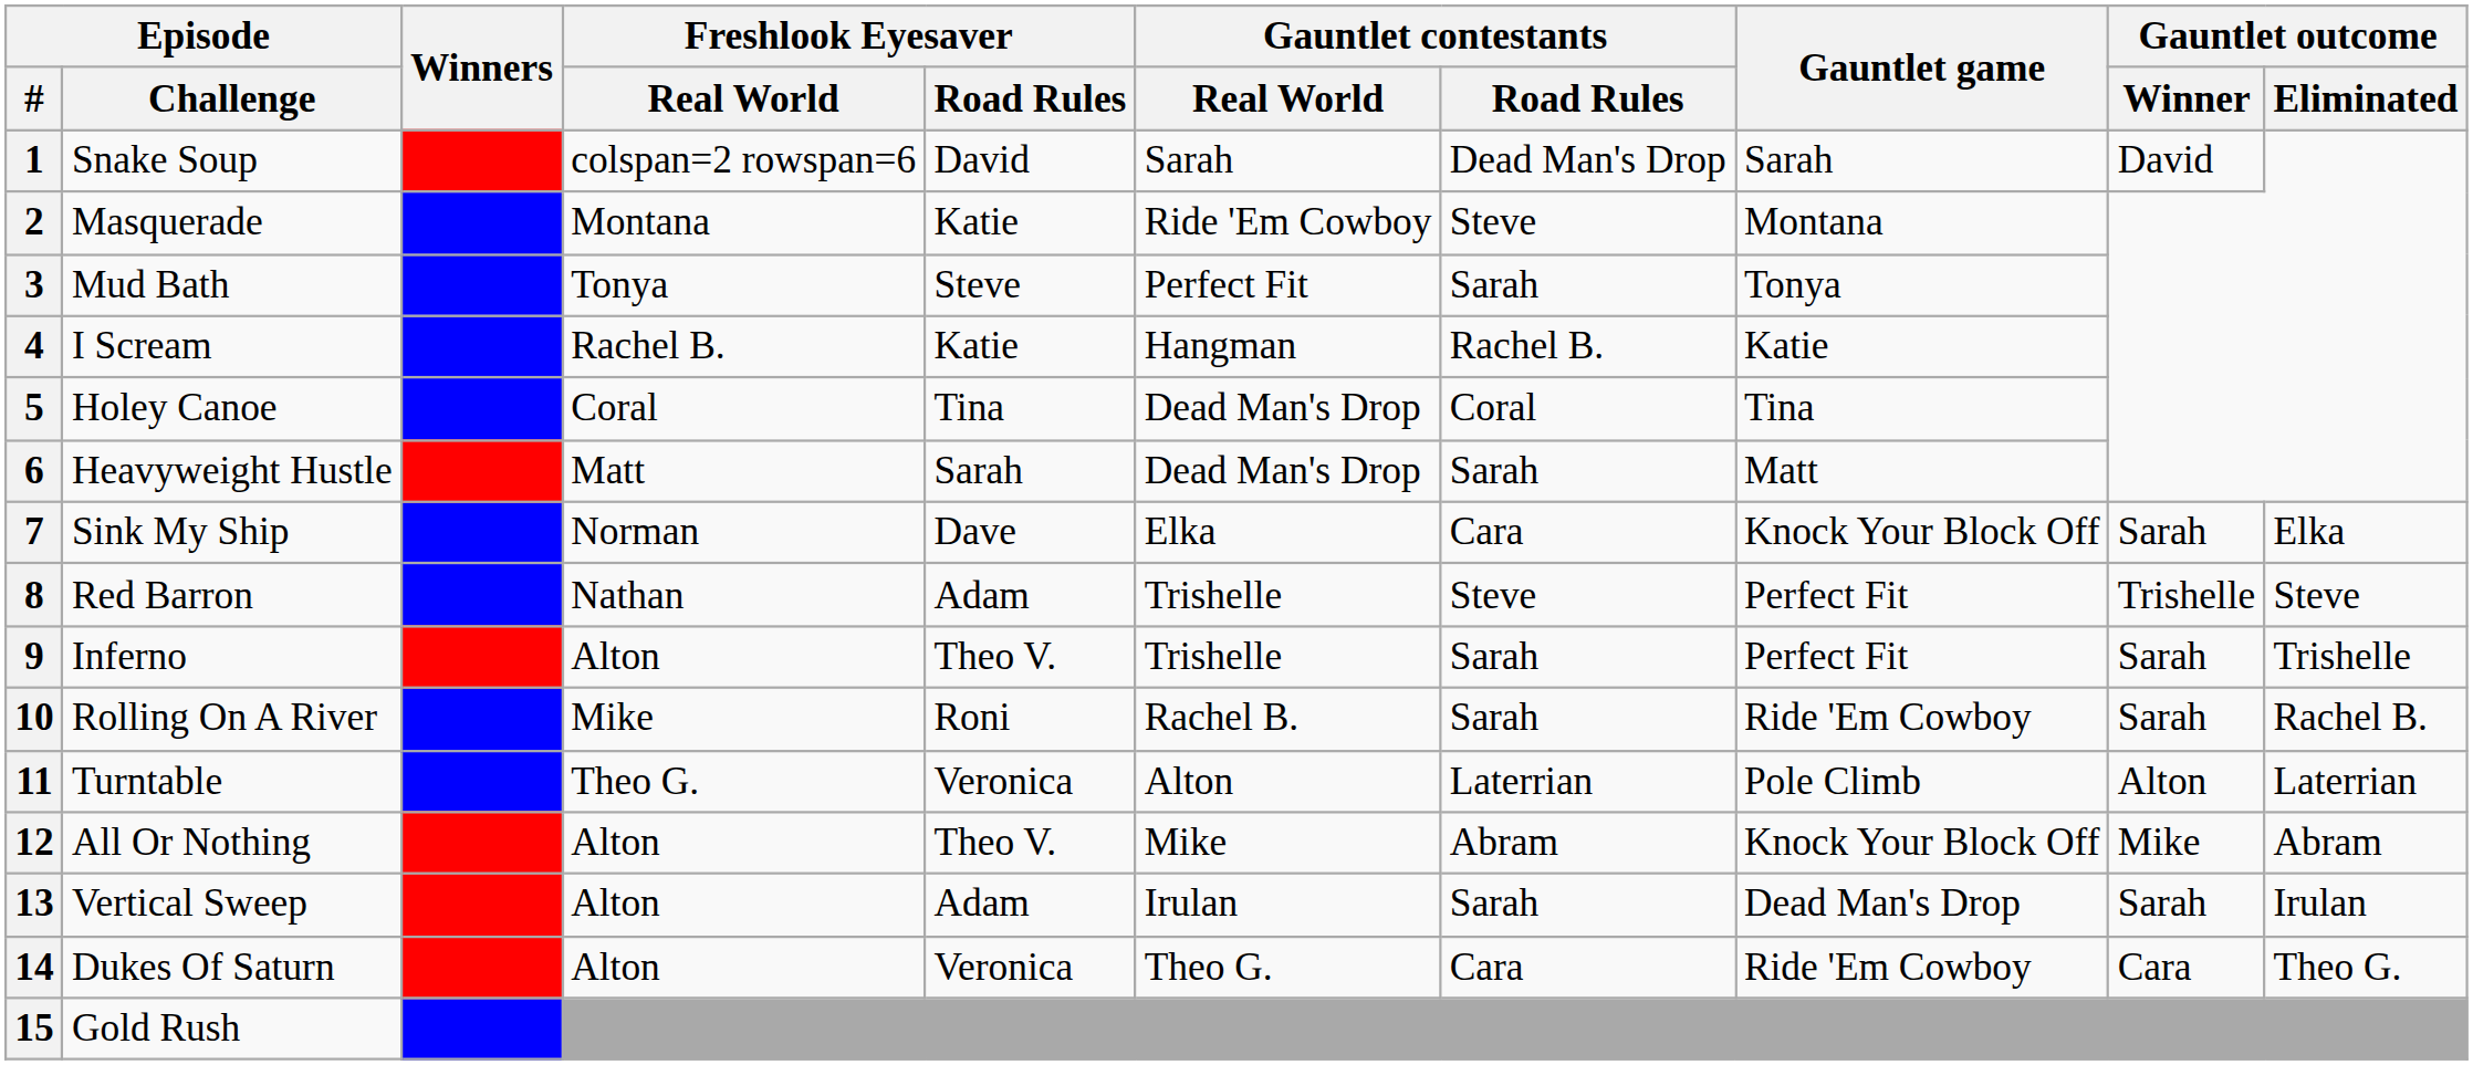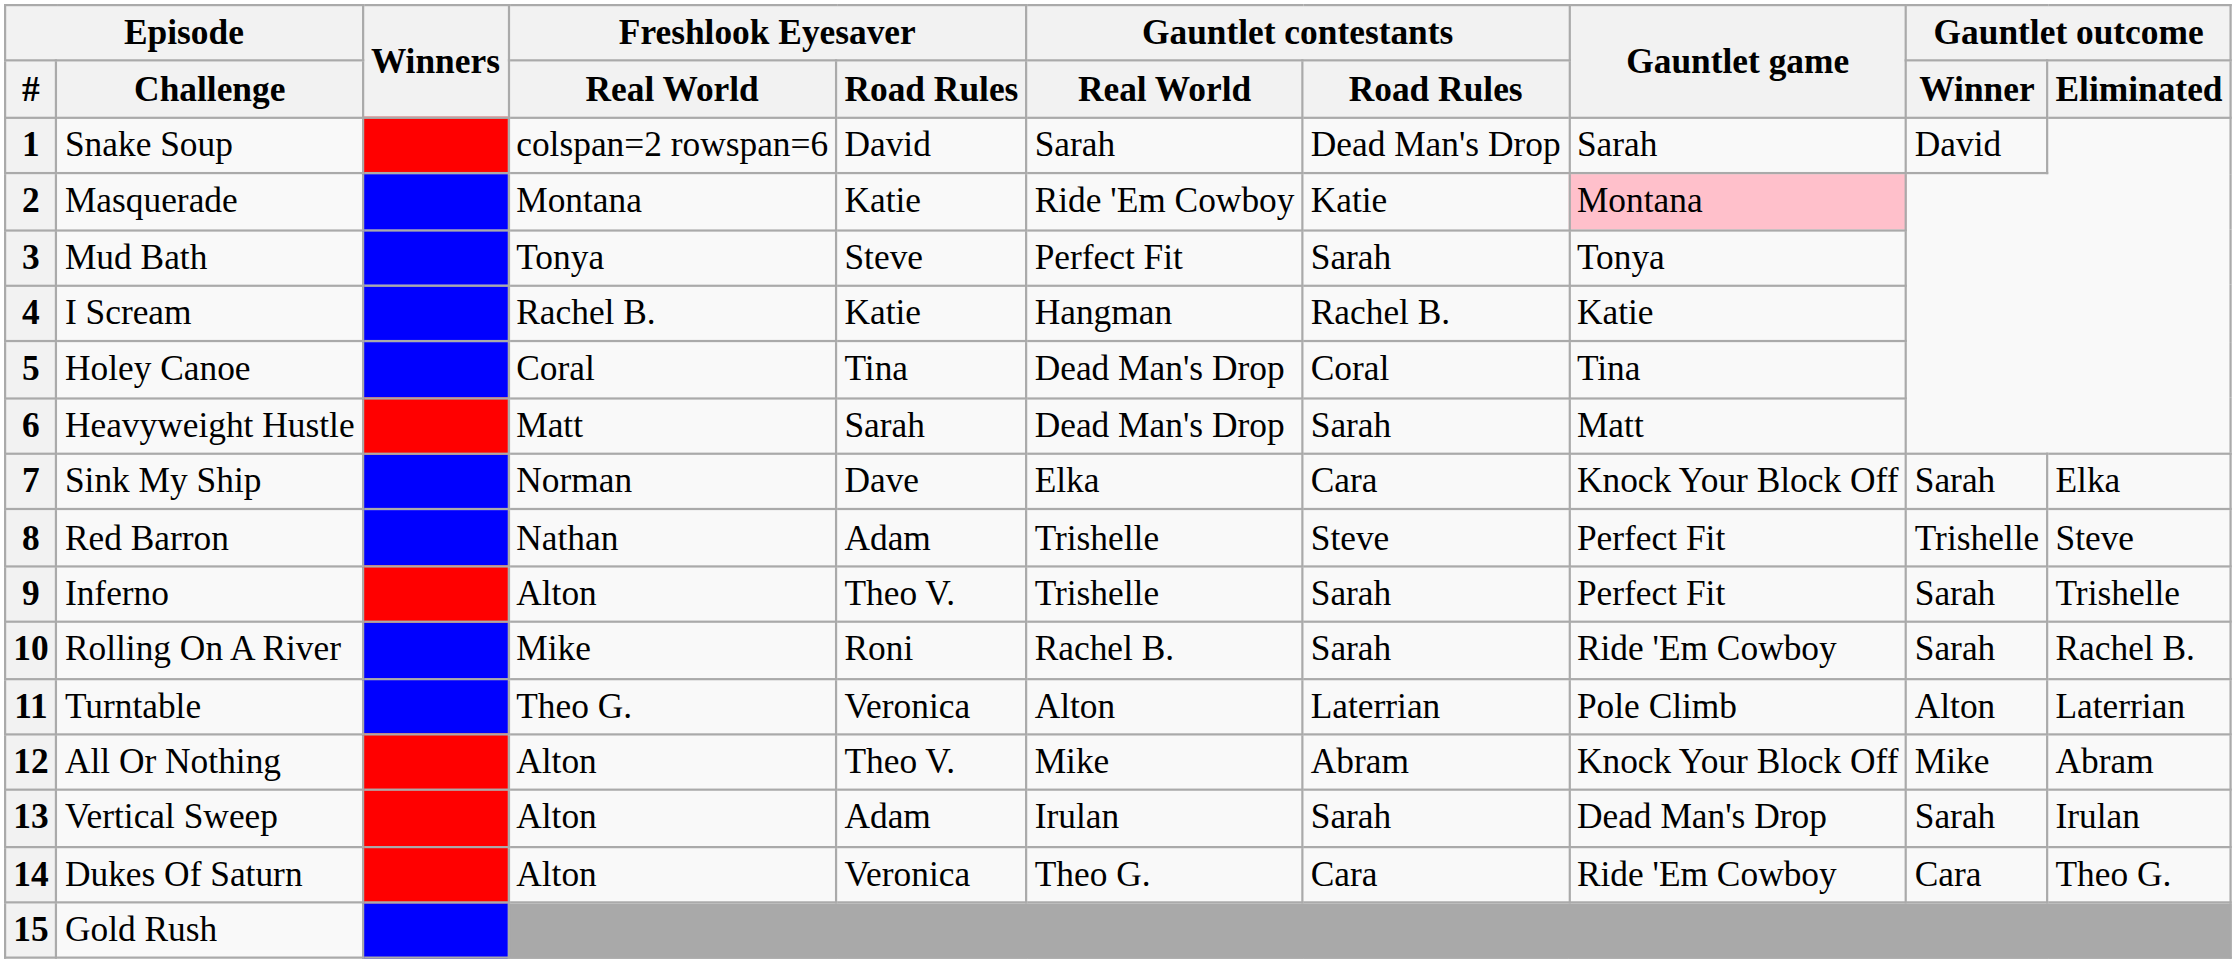 <table class="wikitable" style="font-size:100%; white-space:nowrap">
 <tr>
 <th colspan=2>Episode</th>
 <th rowspan=2>Winners</th>
 <th colspan=2>Freshlook Eyesaver</th>
 <th colspan=2>Gauntlet contestants</th>
 <th rowspan=2>Gauntlet game</th>
 <th colspan=2>Gauntlet outcome</th>
 </tr>
 <tr>
 <th>#</th>
 <th>Challenge</th>
 <th>Real World</th>
 <th>Road Rules</th>
 <th>Real World</th>
 <th>Road Rules</th>
 <th>Winner</th>
 <th>Eliminated</th>
 </tr>
 <tr>
 <th>1</th>
 <td>Snake Soup</td>
 <td bgcolor="red"></td>
 <td>colspan=2 rowspan=6 </td>
 <td>David</td>
 <td>Sarah</td>
 <td>Dead Man's Drop</td>
 <td>Sarah</td>
 <td>David</td>
 </tr>
 <tr>
 <th>2</th>
 <td>Masquerade</td>
 <td bgcolor="blue"></td>
 <td>Montana</td>
 <td>Katie</td>
 <td>Ride 'Em Cowboy</td>
-<td>Steve</td>
-<td>Montana</td>
+<td>Katie</td>
+<td style="background: pink;">Montana</td>
 </tr>
 <tr>
 <th>3</th>
 <td>Mud Bath</td>
 <td bgcolor="blue"></td>
 <td>Tonya</td>
 <td>Steve</td>
 <td>Perfect Fit</td>
 <td>Sarah</td>
 <td>Tonya</td>
 </tr>
 <tr>
 <th>4</th>
 <td>I Scream</td>
 <td bgcolor="blue"></td>
 <td>Rachel B.</td>
 <td>Katie</td>
 <td>Hangman</td>
 <td>Rachel B.</td>
 <td>Katie</td>
 </tr>
 <tr>
 <th>5</th>
 <td>Holey Canoe</td>
 <td bgcolor="blue"></td>
 <td>Coral</td>
 <td>Tina</td>
 <td>Dead Man's Drop</td>
 <td>Coral</td>
 <td>Tina</td>
 </tr>
 <tr>
 <th>6</th>
 <td>Heavyweight Hustle</td>
 <td bgcolor="red"></td>
 <td>Matt</td>
 <td>Sarah</td>
 <td>Dead Man's Drop</td>
 <td>Sarah</td>
 <td>Matt</td>
 </tr>
 <tr>
 <th>7</th>
 <td>Sink My Ship</td>
 <td bgcolor="blue"></td>
 <td>Norman</td>
 <td>Dave</td>
 <td>Elka</td>
 <td>Cara</td>
 <td>Knock Your Block Off</td>
 <td>Sarah</td>
 <td>Elka</td>
 </tr>
 <tr>
 <th>8</th>
 <td>Red Barron</td>
 <td bgcolor="blue"></td>
 <td>Nathan</td>
 <td>Adam</td>
 <td>Trishelle</td>
 <td>Steve</td>
 <td>Perfect Fit</td>
 <td>Trishelle</td>
 <td>Steve</td>
 </tr>
 <tr>
 <th>9</th>
 <td>Inferno</td>
 <td bgcolor="red"></td>
 <td>Alton</td>
 <td>Theo V.</td>
 <td>Trishelle</td>
 <td>Sarah</td>
 <td>Perfect Fit</td>
 <td>Sarah</td>
 <td>Trishelle</td>
 </tr>
 <tr>
 <th>10</th>
 <td>Rolling On A River</td>
 <td bgcolor="blue"></td>
 <td>Mike</td>
 <td>Roni</td>
 <td>Rachel B.</td>
 <td>Sarah</td>
 <td>Ride 'Em Cowboy</td>
 <td>Sarah</td>
 <td>Rachel B.</td>
 </tr>
 <tr>
 <th>11</th>
 <td>Turntable</td>
 <td bgcolor="blue"></td>
 <td>Theo G.</td>
 <td>Veronica</td>
 <td>Alton</td>
 <td>Laterrian</td>
 <td>Pole Climb</td>
 <td>Alton</td>
 <td>Laterrian</td>
 </tr>
 <tr>
 <th>12</th>
 <td>All Or Nothing</td>
 <td bgcolor="red"></td>
 <td>Alton</td>
 <td>Theo V.</td>
 <td>Mike</td>
 <td>Abram</td>
 <td>Knock Your Block Off</td>
 <td>Mike</td>
 <td>Abram</td>
 </tr>
 <tr>
 <th>13</th>
 <td>Vertical Sweep</td>
 <td bgcolor="red"></td>
 <td>Alton</td>
 <td>Adam</td>
 <td>Irulan</td>
 <td>Sarah</td>
 <td>Dead Man's Drop</td>
 <td>Sarah</td>
 <td>Irulan</td>
 </tr>
 <tr>
 <th>14</th>
 <td>Dukes Of Saturn</td>
 <td bgcolor="red"></td>
 <td>Alton</td>
 <td>Veronica</td>
 <td>Theo G.</td>
 <td>Cara</td>
 <td>Ride 'Em Cowboy</td>
 <td>Cara</td>
 <td>Theo G.</td>
 </tr>
 <tr>
 <th>15</th>
 <td>Gold Rush</td>
 <td bgcolor="blue"><strong></strong></td>
 <td colspan=13 bgcolor="darkgray"></td>
 </tr>
 </table>
